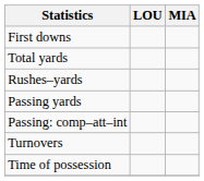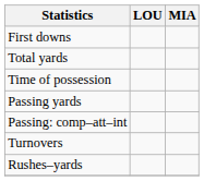 <table class="wikitable" style="float: left;">
 <tr>
 <th>Statistics</th>
 <th>LOU</th>
 <th>MIA</th>
 </tr>
 <tr>
 <td>First downs</td>
 <td></td>
 <td></td>
 </tr>
 <tr>
 <td>Total yards</td>
 <td></td>
 <td></td>
 </tr>
 <tr>
-<td>Rushes–yards</td>
+<td>Time of possession</td>
 <td></td>
 <td></td>
 </tr>
 <tr>
 <td>Passing yards</td>
 <td></td>
 <td></td>
 </tr>
 <tr>
 <td>Passing: comp–att–int</td>
 <td></td>
 <td></td>
 </tr>
 <tr>
 <td>Turnovers</td>
 <td></td>
 <td></td>
 </tr>
 <tr>
-<td>Time of possession</td>
+<td>Rushes–yards</td>
 <td></td>
 <td></td>
 </tr>
 <tr>
 </tr>
 </table>
